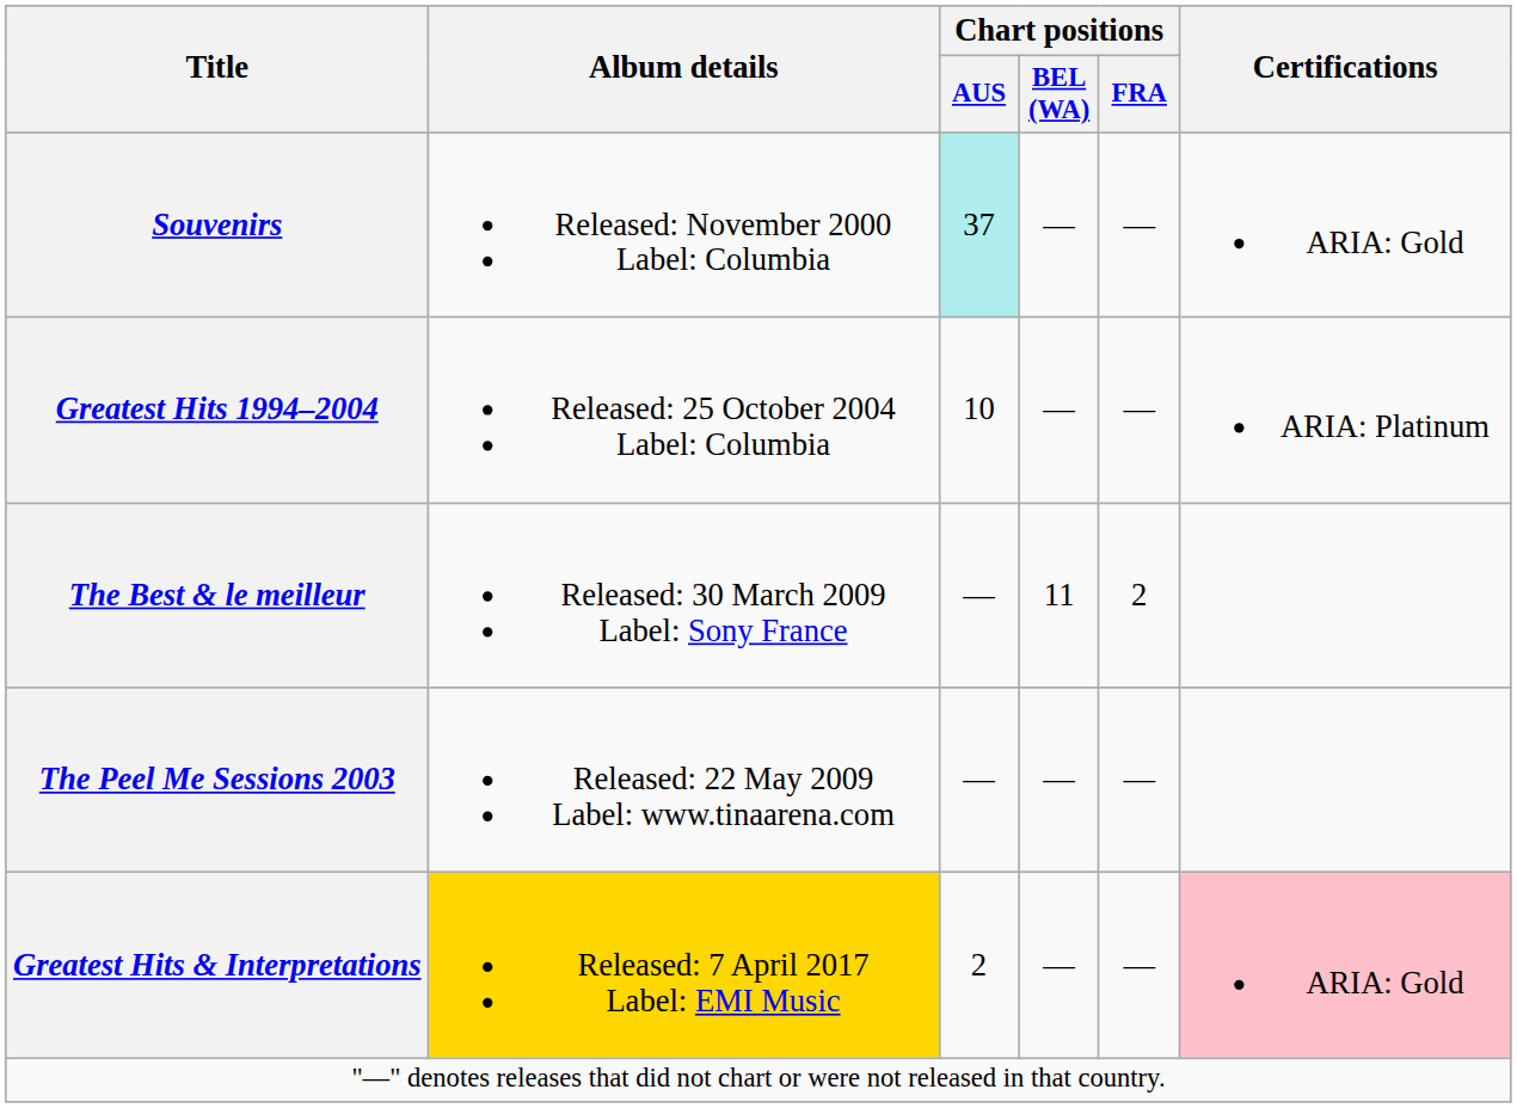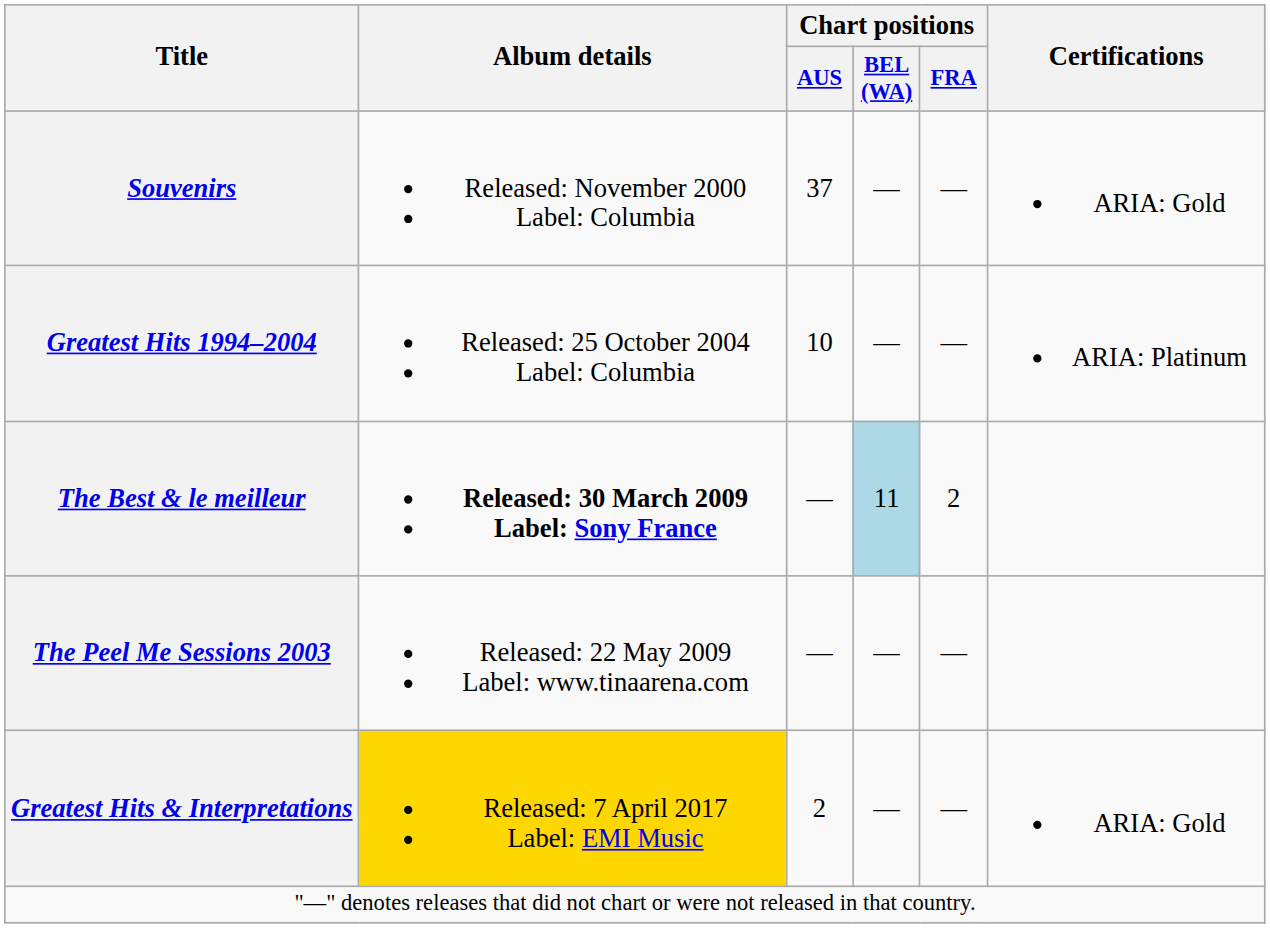 <table class="wikitable plainrowheaders" style="text-align:center">
 <tr>
 <th rowspan=2>Title</th>
 <th rowspan=2 width=250>Album details</th>
 <th colspan=3>Chart positions</th>
 <th rowspan=2 width=160>Certifications<br></th>
 </tr>
 <tr>
 <th style=width:2.5em;font-size:85%><a href='#'>AUS</a><br></th>
 <th style=width:2.5em;font-size:85%><a href='#'>BEL<br>(WA)</a><br></th>
 <th style=width:2.5em;font-size:85%><a href='#'>FRA</a><br></th>
 </tr>
 <tr>
 <th scope="row"><em><a href='#'>Souvenirs</a></em></th>
 <td><br><ul><li>Released: November 2000</li><li>Label: Columbia</li></ul></td>
-<td style="background: paleturquoise;">37</td>
+<td>37</td>
 <td>—</td>
 <td>—</td>
 <td><br><ul><li>ARIA: Gold</li></ul></td>
 </tr>
 <tr>
 <th scope="row"><em><a href='#'>Greatest Hits 1994–2004</a></em></th>
 <td><br><ul><li>Released: 25 October 2004</li><li>Label: Columbia</li></ul></td>
 <td>10</td>
 <td>—</td>
 <td>—</td>
 <td><br><ul><li>ARIA: Platinum</li></ul></td>
 </tr>
 <tr>
 <th scope="row"><em><a href='#'>The Best & le meilleur</a></em></th>
-<td><br><ul><li>Released: 30 March 2009</li><li>Label: <a href='#'>Sony France</a></li></ul></td>
+<td><strong><br><ul><li>Released: 30 March 2009</li><li>Label: <a href='#'>Sony France</a></li></ul></strong></td>
 <td>—</td>
-<td>11</td>
+<td style="background: lightblue;">11</td>
 <td>2</td>
 <td></td>
 </tr>
 <tr>
 <th scope="row"><em><a href='#'>The Peel Me Sessions 2003</a></em></th>
 <td><br><ul><li>Released: 22 May 2009</li><li>Label: www.tinaarena.com</li></ul></td>
 <td>—</td>
 <td>—</td>
 <td>—</td>
 <td></td>
 </tr>
 <tr>
 <th scope="row"><em><a href='#'>Greatest Hits & Interpretations</a></em></th>
 <td style="background: gold;"><br><ul><li>Released: 7 April 2017</li><li>Label: <a href='#'>EMI Music</a></li></ul></td>
 <td>2</td>
 <td>—</td>
 <td>—</td>
-<td style="background: pink;"><br><ul><li>ARIA: Gold</li></ul></td>
+<td><br><ul><li>ARIA: Gold</li></ul></td>
 </tr>
 <tr>
 <td colspan=12 style=font-size:85%>"—" denotes releases that did not chart or were not released in that country.</td>
 </tr>
 </table>
